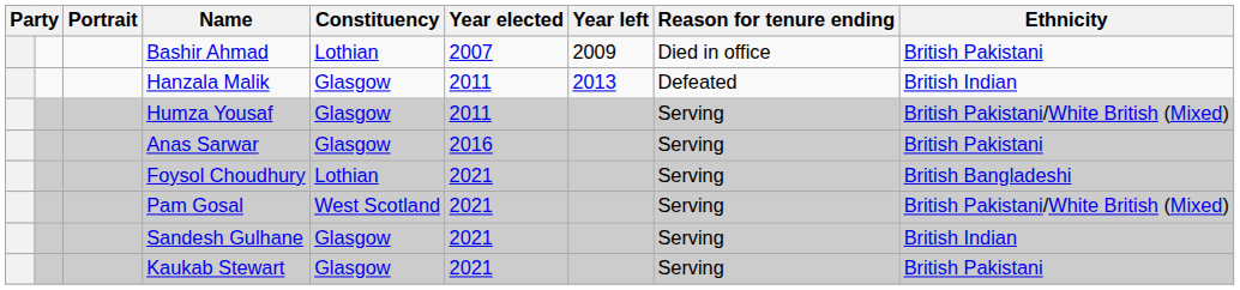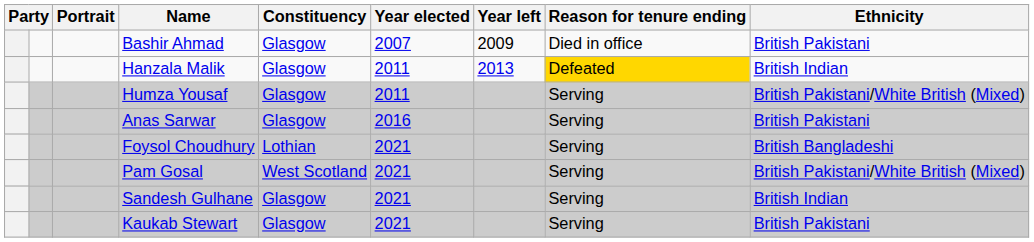 <table class="wikitable sortable">
 <tr>
 <th colspan=2>Party</th>
 <th>Portrait</th>
 <th>Name</th>
 <th>Constituency</th>
 <th>Year elected</th>
 <th>Year left</th>
 <th>Reason for tenure ending</th>
 <th>Ethnicity</th>
 </tr>
 <tr>
 <th style="background-color: "></th>
 <td></td>
 <td></td>
 <td><a href='#'>Bashir Ahmad</a></td>
-<td><a href='#'>Lothian</a></td>
+<td><a href='#'>Glasgow</a></td>
 <td><a href='#'>2007</a></td>
 <td>2009</td>
 <td>Died in office</td>
 <td><a href='#'>British Pakistani</a></td>
 </tr>
 <tr>
 <th style="background-color: "></th>
 <td></td>
 <td></td>
 <td><a href='#'>Hanzala Malik</a></td>
 <td><a href='#'>Glasgow</a></td>
 <td><a href='#'>2011</a></td>
 <td><a href='#'>2013</a></td>
-<td>Defeated</td>
+<td style="background: gold;">Defeated</td>
 <td><a href='#'>British Indian</a></td>
 </tr>
 <tr style="background:#ccc;">
 <th style="background-color: "></th>
 <td></td>
 <td></td>
 <td><a href='#'>Humza Yousaf</a></td>
 <td><a href='#'>Glasgow</a></td>
 <td><a href='#'>2011</a></td>
 <td></td>
 <td>Serving</td>
 <td><a href='#'>British Pakistani</a>/<a href='#'>White British</a> (<a href='#'>Mixed</a>)</td>
 </tr>
 <tr style="background:#ccc;">
 <th style="background-color: "></th>
 <td></td>
 <td></td>
 <td><a href='#'>Anas Sarwar</a></td>
 <td><a href='#'>Glasgow</a></td>
 <td><a href='#'>2016</a></td>
 <td></td>
 <td>Serving</td>
 <td><a href='#'>British Pakistani</a></td>
 </tr>
 <tr style="background:#ccc;">
 <th style="background-color: "></th>
 <td></td>
 <td></td>
 <td><a href='#'>Foysol Choudhury</a></td>
 <td><a href='#'>Lothian</a></td>
 <td><a href='#'>2021</a></td>
 <td></td>
 <td>Serving</td>
 <td><a href='#'>British Bangladeshi</a></td>
 </tr>
 <tr style="background:#ccc;">
 <th style="background-color: "></th>
 <td></td>
 <td></td>
 <td><a href='#'>Pam Gosal</a></td>
 <td><a href='#'>West Scotland</a></td>
 <td><a href='#'>2021</a></td>
 <td></td>
 <td>Serving</td>
 <td><a href='#'>British Pakistani</a>/<a href='#'>White British</a> (<a href='#'>Mixed</a>)</td>
 </tr>
 <tr style="background:#ccc;">
 <th style="background-color: "></th>
 <td></td>
 <td></td>
 <td><a href='#'>Sandesh Gulhane</a></td>
 <td><a href='#'>Glasgow</a></td>
 <td><a href='#'>2021</a></td>
 <td></td>
 <td>Serving</td>
 <td><a href='#'>British Indian</a></td>
 </tr>
 <tr style="background:#ccc;">
 <th style="background-color: "></th>
 <td></td>
 <td></td>
 <td><a href='#'>Kaukab Stewart</a></td>
 <td><a href='#'>Glasgow</a></td>
 <td><a href='#'>2021</a></td>
 <td></td>
 <td>Serving</td>
 <td><a href='#'>British Pakistani</a></td>
 </tr>
 </table>
